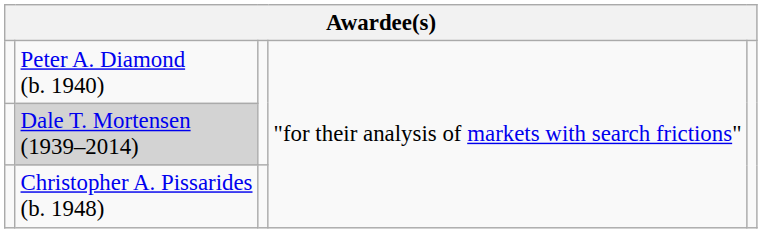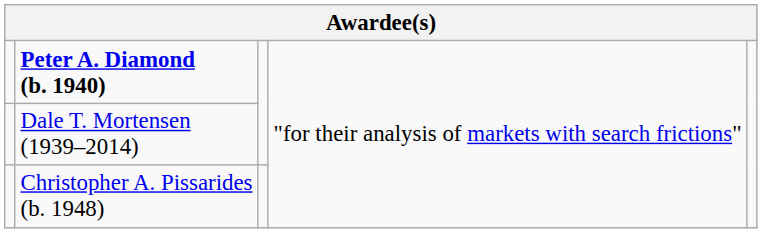 <table class="wikitable">
 <tr>
 <th colspan="5">Awardee(s)</th>
 </tr>
 <tr>
 <td></td>
-<td><a href='#'>Peter A. Diamond</a><br>(b. 1940)</td>
+<td><strong><a href='#'>Peter A. Diamond</a><br>(b. 1940)</strong></td>
 <td rowspan="2"></td>
 <td rowspan="3">"for their analysis of <a href='#'>markets with search frictions</a>"</td>
 <td rowspan="3"></td>
 </tr>
 <tr>
 <td></td>
-<td style="background: lightgrey;"><a href='#'>Dale T. Mortensen</a><br>(1939–2014)</td>
+<td><a href='#'>Dale T. Mortensen</a><br>(1939–2014)</td>
 </tr>
 <tr>
 <td></td>
 <td><a href='#'>Christopher A. Pissarides</a><br>(b. 1948)</td>
 <td><br></td>
 </tr>
 </table>
